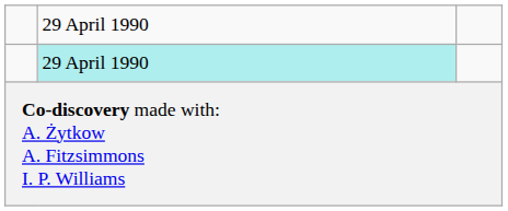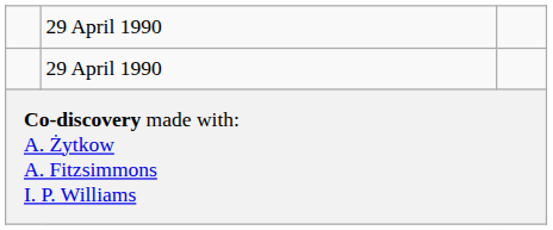 <table class="wikitable" style="font-size: 89%; float: left; width: 26em; margin-right: 1em; height: 150px">
 <tr>
 <td></td>
 <td>29 April 1990</td>
 <td> </td>
 </tr>
 <tr>
 <td></td>
-<td style="background: paleturquoise;">29 April 1990</td>
+<td>29 April 1990</td>
 <td> </td>
 </tr>
 <tr>
 <th colspan=3 style="font-weight: normal; text-align: left; padding: 4px 12px;"><strong>Co-discovery</strong> made with:<br> <a href='#'>A. Żytkow</a><br> <a href='#'>A. Fitzsimmons</a><br> <a href='#'>I. P. Williams</a></th>
 </tr>
 </table>
